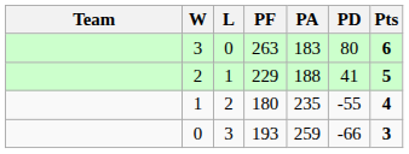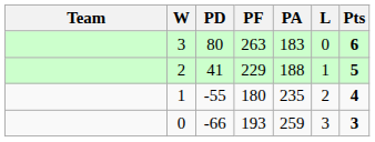 <table class="wikitable" style="text-align:center;">
 <tr>
 <th width=150>Team</th>
 <th width=20>W</th>
-<th width=20>L</th>
+<th width=30>PD</th>
 <th width=30>PF</th>
 <th width=30>PA</th>
-<th width=30>PD</th>
+<th width=20>L</th>
 <th width=20>Pts</th>
 </tr>
 <tr bgcolor="#ccffcc">
 <td align="left"></td>
 <td>3</td>
-<td>0</td>
+<td>80</td>
 <td>263</td>
 <td>183</td>
-<td>80</td>
+<td>0</td>
 <td><strong>6</strong></td>
 </tr>
 <tr bgcolor="#ccffcc">
 <td align="left"></td>
 <td>2</td>
-<td>1</td>
+<td>41</td>
 <td>229</td>
 <td>188</td>
-<td>41</td>
+<td>1</td>
 <td><strong>5</strong></td>
 </tr>
 <tr>
 <td align="left"></td>
 <td>1</td>
-<td>2</td>
+<td>-55</td>
 <td>180</td>
 <td>235</td>
-<td>-55</td>
+<td>2</td>
 <td><strong>4</strong></td>
 </tr>
 <tr>
 <td align="left"></td>
 <td>0</td>
-<td>3</td>
+<td>-66</td>
 <td>193</td>
 <td>259</td>
-<td>-66</td>
+<td>3</td>
 <td><strong>3</strong></td>
 </tr>
 </table>
